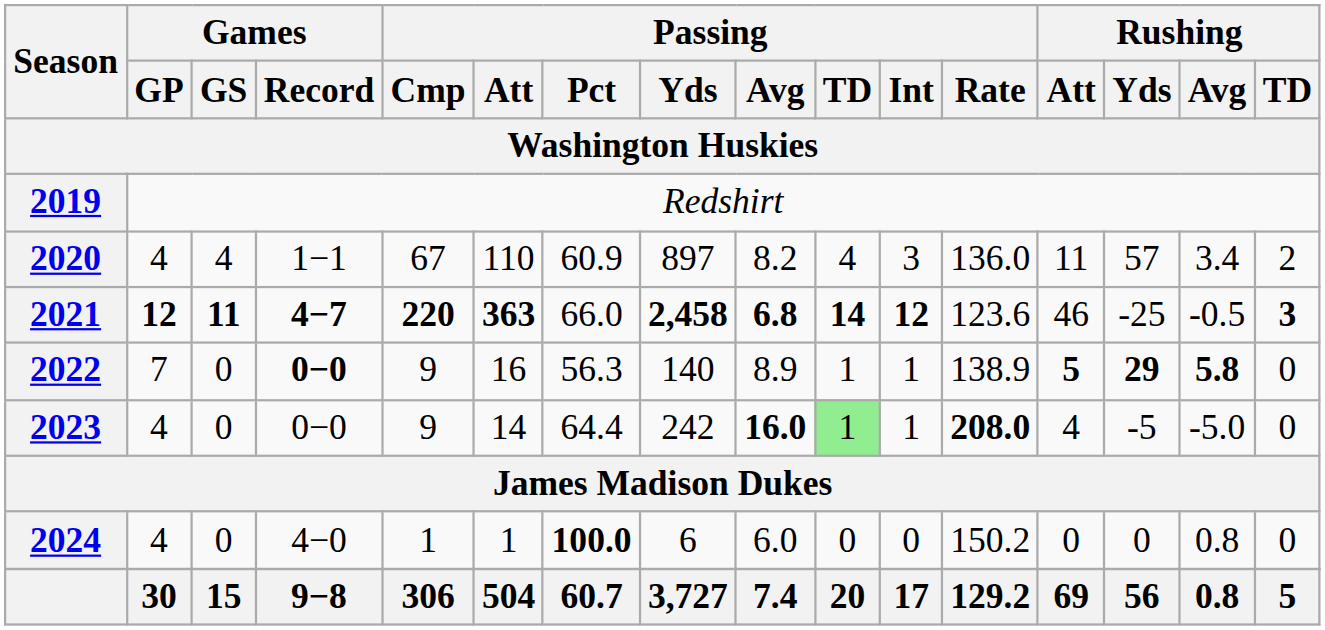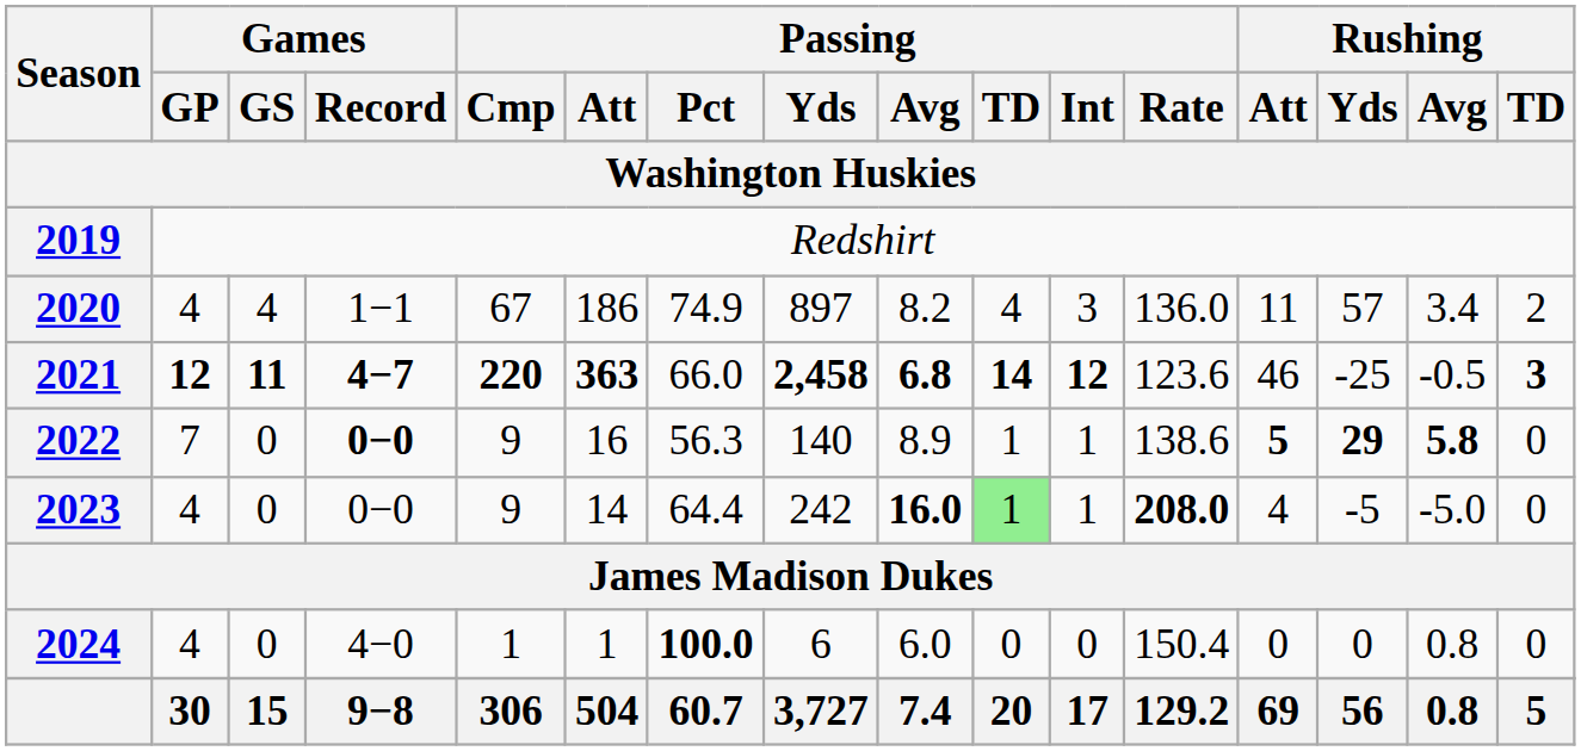 <table class=wikitable style="text-align:center;">
 <tr>
 <th rowspan="2">Season</th>
 <th colspan="3">Games</th>
 <th colspan="8">Passing</th>
 <th colspan="5">Rushing</th>
 </tr>
 <tr>
 <th>GP</th>
 <th>GS</th>
 <th>Record</th>
 <th>Cmp</th>
 <th>Att</th>
 <th>Pct</th>
 <th>Yds</th>
 <th>Avg</th>
 <th>TD</th>
 <th>Int</th>
 <th>Rate</th>
 <th>Att</th>
 <th>Yds</th>
 <th>Avg</th>
 <th>TD</th>
 </tr>
 <tr>
 <th colspan="16">Washington Huskies</th>
 </tr>
 <tr>
 <th><a href='#'>2019</a></th>
 <td colspan="16"><em>Redshirt </em></td>
 </tr>
 <tr>
 <th><a href='#'>2020</a></th>
 <td>4</td>
 <td>4</td>
 <td>1−1</td>
 <td>67</td>
-<td>110</td>
-<td>60.9</td>
+<td>186</td>
+<td>74.9</td>
 <td>897</td>
 <td>8.2</td>
 <td>4</td>
 <td>3</td>
 <td>136.0</td>
 <td>11</td>
 <td>57</td>
 <td>3.4</td>
 <td>2</td>
 </tr>
 <tr>
 <th><a href='#'>2021</a></th>
 <td><strong>12</strong></td>
 <td><strong>11</strong></td>
 <td><strong>4−7</strong></td>
 <td><strong>220</strong></td>
 <td><strong>363</strong></td>
 <td>66.0</td>
 <td><strong>2,458</strong></td>
 <td><strong>6.8</strong></td>
 <td><strong>14</strong></td>
 <td><strong>12</strong></td>
 <td>123.6</td>
 <td>46</td>
 <td>-25</td>
 <td>-0.5</td>
 <td><strong>3</strong></td>
 </tr>
 <tr>
 <th><a href='#'>2022</a></th>
 <td>7</td>
 <td>0</td>
 <td><strong>0−0</strong></td>
 <td>9</td>
 <td>16</td>
 <td>56.3</td>
 <td>140</td>
 <td>8.9</td>
 <td>1</td>
 <td>1</td>
-<td>138.9</td>
+<td>138.6</td>
 <td><strong>5</strong></td>
 <td><strong>29</strong></td>
 <td><strong>5.8</strong></td>
 <td>0</td>
 </tr>
 <tr>
 <th><a href='#'>2023</a></th>
 <td>4</td>
 <td>0</td>
 <td>0−0</td>
 <td>9</td>
 <td>14</td>
 <td>64.4</td>
 <td>242</td>
 <td><strong>16.0</strong></td>
 <td style="background: lightgreen;">1</td>
 <td>1</td>
 <td><strong>208.0</strong></td>
 <td>4</td>
 <td>-5</td>
 <td>-5.0</td>
 <td>0</td>
 </tr>
 <tr>
 <th colspan="16">James Madison Dukes</th>
 </tr>
 <tr>
 <th><a href='#'>2024</a></th>
 <td>4</td>
 <td>0</td>
 <td>4−0</td>
 <td>1</td>
 <td>1</td>
 <td><strong>100.0</strong></td>
 <td>6</td>
 <td>6.0</td>
 <td>0</td>
 <td>0</td>
-<td>150.2</td>
+<td>150.4</td>
 <td>0</td>
 <td>0</td>
 <td>0.8</td>
 <td>0</td>
 </tr>
 <tr>
 </tr>
 <tr>
 <th></th>
 <th>30</th>
 <th>15</th>
 <th>9−8</th>
 <th>306</th>
 <th>504</th>
 <th>60.7</th>
 <th>3,727</th>
 <th>7.4</th>
 <th>20</th>
 <th>17</th>
 <th>129.2</th>
 <th>69</th>
 <th>56</th>
 <th>0.8</th>
 <th>5</th>
 </tr>
 </table>
